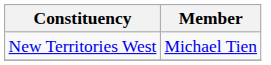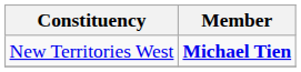 <table class="wikitable" style="text-align:left;">
 <tr>
 <th>Constituency</th>
 <th>Member</th>
 </tr>
 <tr>
 <td><a href='#'>New Territories West</a></td>
-<td><a href='#'>Michael Tien</a></td>
+<td><strong><a href='#'>Michael Tien</a></strong></td>
 </tr>
 <tr>
 </tr>
 </table>
